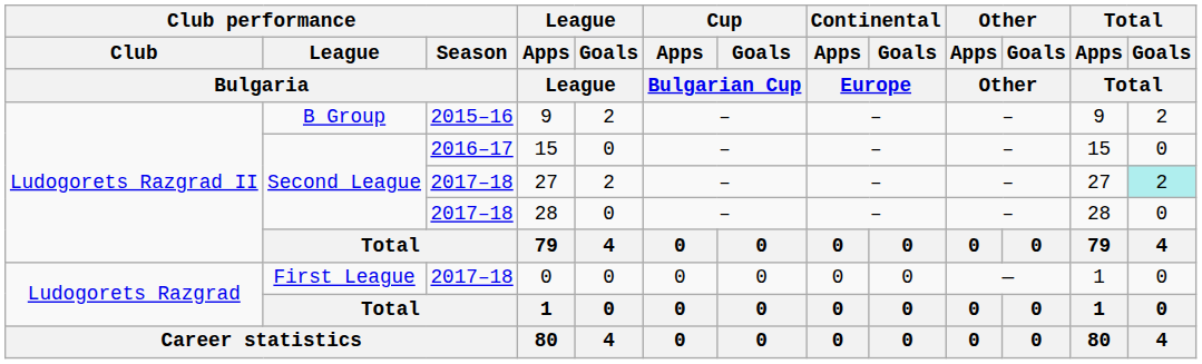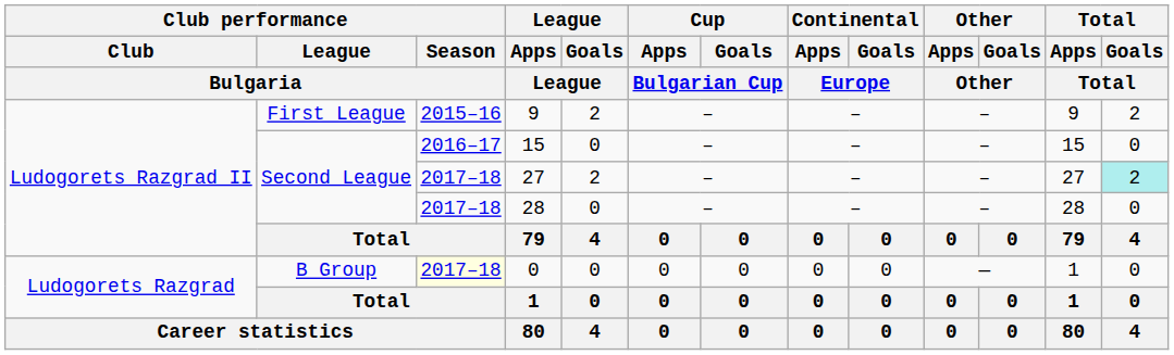 <table class="wikitable" style="text-align: center">
 <tr>
 <th colspan="3">Club performance</th>
 <th colspan="2">League</th>
 <th colspan="2">Cup</th>
 <th colspan="2">Continental</th>
 <th colspan="2">Other</th>
 <th colspan="3">Total</th>
 </tr>
 <tr>
 <th>Club</th>
 <th>League</th>
 <th>Season</th>
 <th>Apps</th>
 <th>Goals</th>
 <th>Apps</th>
 <th>Goals</th>
 <th>Apps</th>
 <th>Goals</th>
 <th>Apps</th>
 <th>Goals</th>
 <th>Apps</th>
 <th>Goals</th>
 </tr>
 <tr>
 <th colspan="3">Bulgaria</th>
 <th colspan="2">League</th>
 <th colspan="2"><a href='#'>Bulgarian Cup</a></th>
 <th colspan="2"><a href='#'>Europe</a></th>
 <th colspan="2">Other</th>
 <th colspan="2">Total</th>
 </tr>
 <tr>
 <td rowspan="5" valign="center"><a href='#'>Ludogorets Razgrad II</a></td>
-<td rowspan="1"><a href='#'>B Group</a></td>
+<td rowspan="1"><a href='#'>First League</a></td>
 <td><a href='#'>2015–16</a></td>
 <td>9</td>
 <td>2</td>
 <td colspan="2">–</td>
 <td colspan="2">–</td>
 <td colspan="2">–</td>
 <td>9</td>
 <td>2</td>
 </tr>
 <tr>
 <td rowspan="3"><a href='#'>Second League</a></td>
 <td><a href='#'>2016–17</a></td>
 <td>15</td>
 <td>0</td>
 <td colspan="2">–</td>
 <td colspan="2">–</td>
 <td colspan="2">–</td>
 <td>15</td>
 <td>0</td>
 </tr>
 <tr>
 <td><a href='#'>2017–18</a></td>
 <td>27</td>
 <td>2</td>
 <td colspan="2">–</td>
 <td colspan="2">–</td>
 <td colspan="2">–</td>
 <td>27</td>
 <td style="background: paleturquoise;">2</td>
 </tr>
 <tr>
 <td><a href='#'>2017–18</a></td>
 <td>28</td>
 <td>0</td>
 <td colspan="2">–</td>
 <td colspan="2">–</td>
 <td colspan="2">–</td>
 <td>28</td>
 <td>0</td>
 </tr>
 <tr>
 <th colspan=2>Total</th>
 <th>79</th>
 <th>4</th>
 <th>0</th>
 <th>0</th>
 <th>0</th>
 <th>0</th>
 <th>0</th>
 <th>0</th>
 <th>79</th>
 <th>4</th>
 </tr>
 <tr>
 <td rowspan="2" valign="center"><a href='#'>Ludogorets Razgrad</a></td>
-<td rowspan="1"><a href='#'>First League</a></td>
-<td><a href='#'>2017–18</a></td>
+<td rowspan="1"><a href='#'>B Group</a></td>
+<td style="background: lightyellow;"><a href='#'>2017–18</a></td>
 <td>0</td>
 <td>0</td>
 <td>0</td>
 <td>0</td>
 <td>0</td>
 <td>0</td>
 <td colspan="2">—</td>
 <td>1</td>
 <td>0</td>
 </tr>
 <tr>
 <th colspan=2>Total</th>
 <th>1</th>
 <th>0</th>
 <th>0</th>
 <th>0</th>
 <th>0</th>
 <th>0</th>
 <th>0</th>
 <th>0</th>
 <th>1</th>
 <th>0</th>
 </tr>
 <tr>
 <th colspan="3">Career statistics</th>
 <th>80</th>
 <th>4</th>
 <th>0</th>
 <th>0</th>
 <th>0</th>
 <th>0</th>
 <th>0</th>
 <th>0</th>
 <th>80</th>
 <th>4</th>
 </tr>
 </table>
